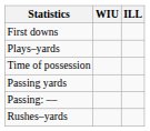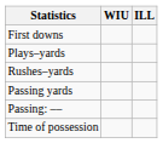 <table class="wikitable" style="float:left">
 <tr>
 <th>Statistics</th>
 <th>WIU</th>
 <th>ILL</th>
 </tr>
 <tr>
 <td>First downs</td>
 <td></td>
 <td></td>
 </tr>
 <tr>
 <td>Plays–yards</td>
 <td></td>
 <td></td>
 </tr>
 <tr>
-<td>Time of possession</td>
+<td>Rushes–yards</td>
 <td></td>
 <td></td>
 </tr>
 <tr>
 <td>Passing yards</td>
 <td></td>
 <td></td>
 </tr>
 <tr>
 <td>Passing: ––</td>
 <td></td>
 <td></td>
 </tr>
 <tr>
-<td>Rushes–yards</td>
+<td>Time of possession</td>
 <td></td>
 <td></td>
 </tr>
 </table>
